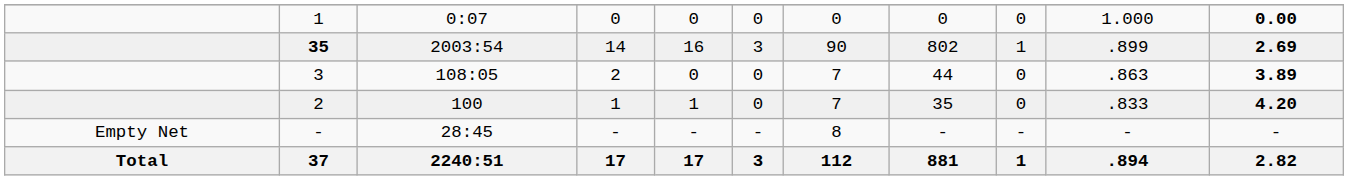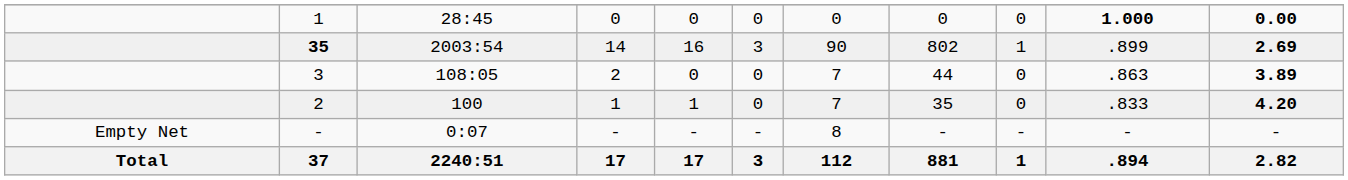 <table class="wikitable sortable" width ="1000">
 <tr align="center">
 </tr>
 <tr align="center" bgcolor="">
 <td></td>
 <td>1</td>
-<td>0:07</td>
+<td>28:45</td>
 <td>0</td>
 <td>0</td>
 <td>0</td>
 <td>0</td>
 <td>0</td>
 <td>0</td>
-<td>1.000</td>
+<td><strong>1.000</strong></td>
 <td><strong>0.00</strong></td>
 </tr>
 <tr align="center" bgcolor="f0f0f0">
 <td></td>
 <td><strong>35</strong></td>
 <td>2003:54</td>
 <td>14</td>
 <td>16</td>
 <td>3</td>
 <td>90</td>
 <td>802</td>
 <td>1</td>
 <td>.899</td>
 <td><strong>2.69</strong></td>
 </tr>
 <tr align="center" bgcolor="">
 <td></td>
 <td>3</td>
 <td>108:05</td>
 <td>2</td>
 <td>0</td>
 <td>0</td>
 <td>7</td>
 <td>44</td>
 <td>0</td>
 <td>.863</td>
 <td><strong>3.89</strong></td>
 </tr>
 <tr align="center" bgcolor="f0f0f0">
 <td></td>
 <td>2</td>
 <td>100</td>
 <td>1</td>
 <td>1</td>
 <td>0</td>
 <td>7</td>
 <td>35</td>
 <td>0</td>
 <td>.833</td>
 <td><strong>4.20</strong></td>
 </tr>
 <tr align="center" bgcolor="">
 <td>Empty Net</td>
 <td>-</td>
-<td>28:45</td>
+<td>0:07</td>
 <td>-</td>
 <td>-</td>
 <td>-</td>
 <td>8</td>
 <td>-</td>
 <td>-</td>
 <td>-</td>
 <td>-</td>
 </tr>
 <tr>
 <th>Total</th>
 <th>37</th>
 <th>2240:51</th>
 <th>17</th>
 <th>17</th>
 <th>3</th>
 <th>112</th>
 <th>881</th>
 <th>1</th>
 <th>.894</th>
 <th>2.82</th>
 </tr>
 </table>
